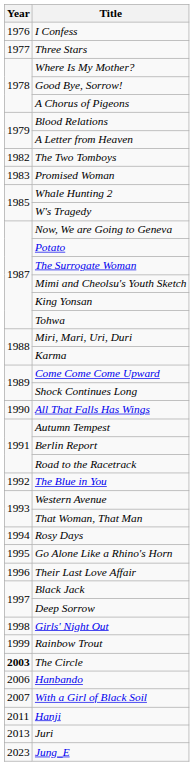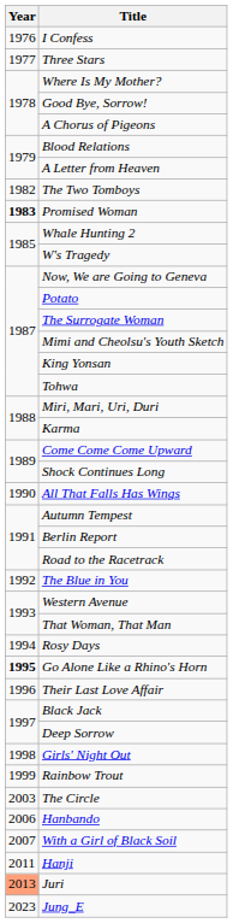 <table class="wikitable sortable">
 <tr>
 <th>Year</th>
 <th>Title</th>
 </tr>
 <tr>
 <td>1976</td>
 <td><em>I Confess</em></td>
 </tr>
 <tr>
 <td>1977</td>
 <td><em>Three Stars</em></td>
 </tr>
 <tr>
 <td rowspan="3">1978</td>
 <td><em>Where Is My Mother?</em></td>
 </tr>
 <tr>
 <td><em>Good Bye, Sorrow!</em></td>
 </tr>
 <tr>
 <td><em>A Chorus of Pigeons</em></td>
 </tr>
 <tr>
 <td rowspan="2">1979</td>
 <td><em>Blood Relations</em></td>
 </tr>
 <tr>
 <td><em>A Letter from Heaven</em></td>
 </tr>
 <tr>
 <td>1982</td>
 <td><em>The Two Tomboys</em></td>
 </tr>
 <tr>
-<td>1983</td>
+<td><strong>1983</strong></td>
 <td><em>Promised Woman</em></td>
 </tr>
 <tr>
 <td rowspan="2">1985</td>
 <td><em>Whale Hunting 2</em></td>
 </tr>
 <tr>
 <td><em>W's Tragedy</em></td>
 </tr>
 <tr>
 <td rowspan="6">1987</td>
 <td><em>Now, We are Going to Geneva</em></td>
 </tr>
 <tr>
 <td><a href='#'><em>Potato</em></a></td>
 </tr>
 <tr>
 <td><em><a href='#'>The Surrogate Woman</a></em></td>
 </tr>
 <tr>
 <td><em>Mimi and Cheolsu's Youth Sketch</em></td>
 </tr>
 <tr>
 <td><em>King Yonsan</em></td>
 </tr>
 <tr>
 <td><em>Tohwa</em></td>
 </tr>
 <tr>
 <td rowspan="2">1988</td>
 <td><em>Miri, Mari, Uri, Duri</em></td>
 </tr>
 <tr>
 <td><em>Karma</em></td>
 </tr>
 <tr>
 <td rowspan="2">1989</td>
 <td><em><a href='#'>Come Come Come Upward</a></em></td>
 </tr>
 <tr>
 <td><em>Shock Continues Long</em></td>
 </tr>
 <tr>
 <td>1990</td>
 <td><em><a href='#'>All That Falls Has Wings</a></em></td>
 </tr>
 <tr>
 <td rowspan="3">1991</td>
 <td><em>Autumn Tempest</em></td>
 </tr>
 <tr>
 <td><em>Berlin Report</em></td>
 </tr>
 <tr>
 <td><em>Road to the Racetrack</em></td>
 </tr>
 <tr>
 <td>1992</td>
 <td><em><a href='#'>The Blue in You</a></em></td>
 </tr>
 <tr>
 <td rowspan="2">1993</td>
 <td><em>Western Avenue</em></td>
 </tr>
 <tr>
 <td><em>That Woman, That Man</em></td>
 </tr>
 <tr>
 <td>1994</td>
 <td><em>Rosy Days</em></td>
 </tr>
 <tr>
-<td>1995</td>
+<td><strong>1995</strong></td>
 <td><em>Go Alone Like a Rhino's Horn</em></td>
 </tr>
 <tr>
 <td>1996</td>
 <td><em>Their Last Love Affair</em></td>
 </tr>
 <tr>
 <td rowspan="2">1997</td>
 <td><em>Black Jack</em></td>
 </tr>
 <tr>
 <td><em>Deep Sorrow</em></td>
 </tr>
 <tr>
 <td>1998</td>
 <td><a href='#'><em>Girls' Night Out</em></a></td>
 </tr>
 <tr>
 <td>1999</td>
 <td><em>Rainbow Trout</em></td>
 </tr>
 <tr>
-<td><strong>2003</strong></td>
+<td>2003</td>
 <td><em>The Circle</em></td>
 </tr>
 <tr>
 <td>2006</td>
 <td><a href='#'><em>Hanbando</em></a></td>
 </tr>
 <tr>
 <td>2007</td>
 <td><em><a href='#'>With a Girl of Black Soil</a></em></td>
 </tr>
 <tr>
 <td>2011</td>
 <td><a href='#'><em>Hanji</em></a></td>
 </tr>
 <tr>
-<td>2013</td>
+<td style="background: lightsalmon;">2013</td>
 <td><em>Juri</em></td>
 </tr>
 <tr>
 <td>2023</td>
 <td><em><a href='#'>Jung_E</a></em></td>
 </tr>
 </table>
